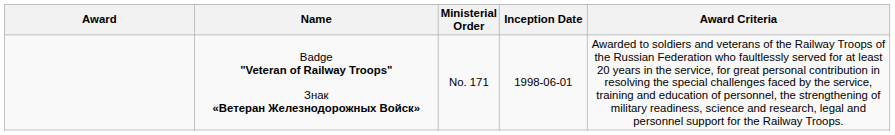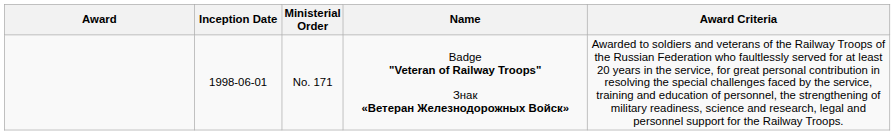 <table class="wikitable sortable" style="text-align:center">
 <tr>
 <th style="width:22%">Award</th>
+<th style="width:10%">Inception Date</th>
+<th>Ministerial Order</th>
 <th style="width:28%">Name </th>
-<th>Ministerial Order</th>
-<th style="width:10%">Inception Date</th>
 <th style="width:35%">Award Criteria</th>
 </tr>
 <tr>
 <td></td>
+<td>1998-06-01</td>
+<td>No. 171</td>
 <td>Badge<br><strong>"Veteran of Railway Troops"</strong><br><br>Знак<br><strong>«Ветеран Железнодорожных Войск»</strong></td>
-<td>No. 171</td>
-<td>1998-06-01</td>
 <td>Awarded to soldiers and veterans of the Railway Troops of the Russian Federation who faultlessly served for at least 20 years in the service, for great personal contribution in resolving the special challenges faced by the service, training and education of personnel, the strengthening of military readiness, science and research, legal and personnel support for the Railway Troops.</td>
 </tr>
 </table>
